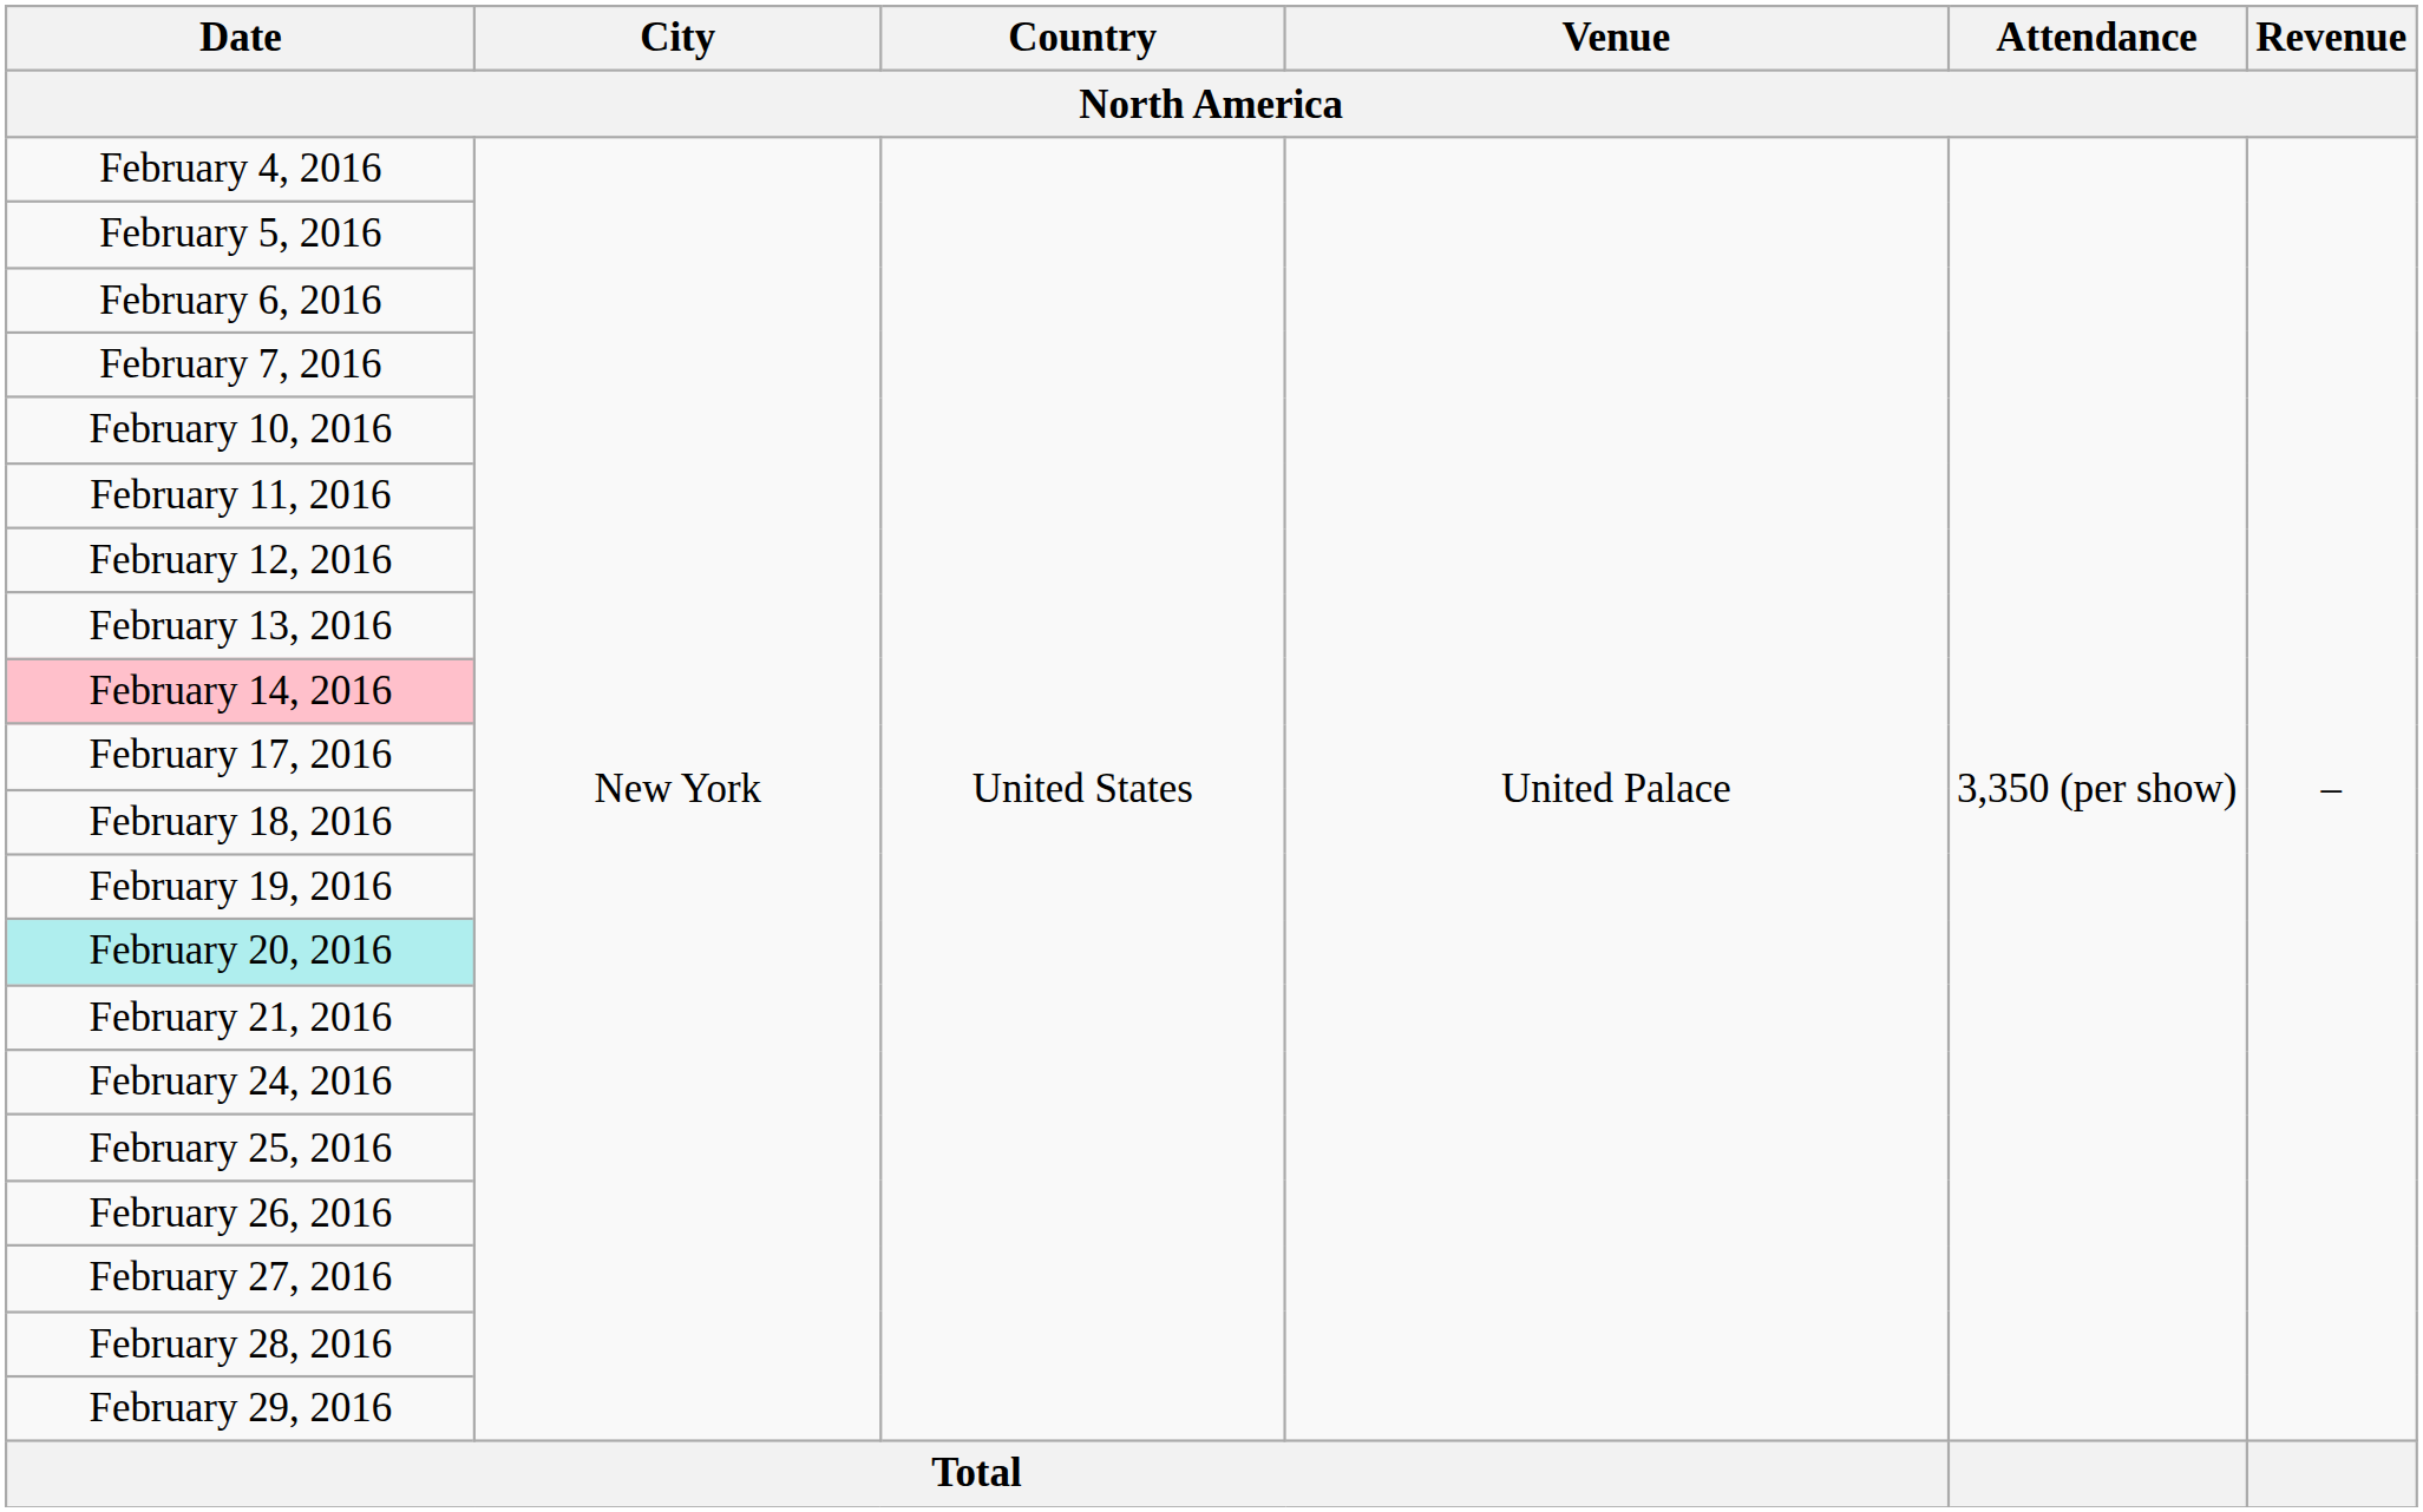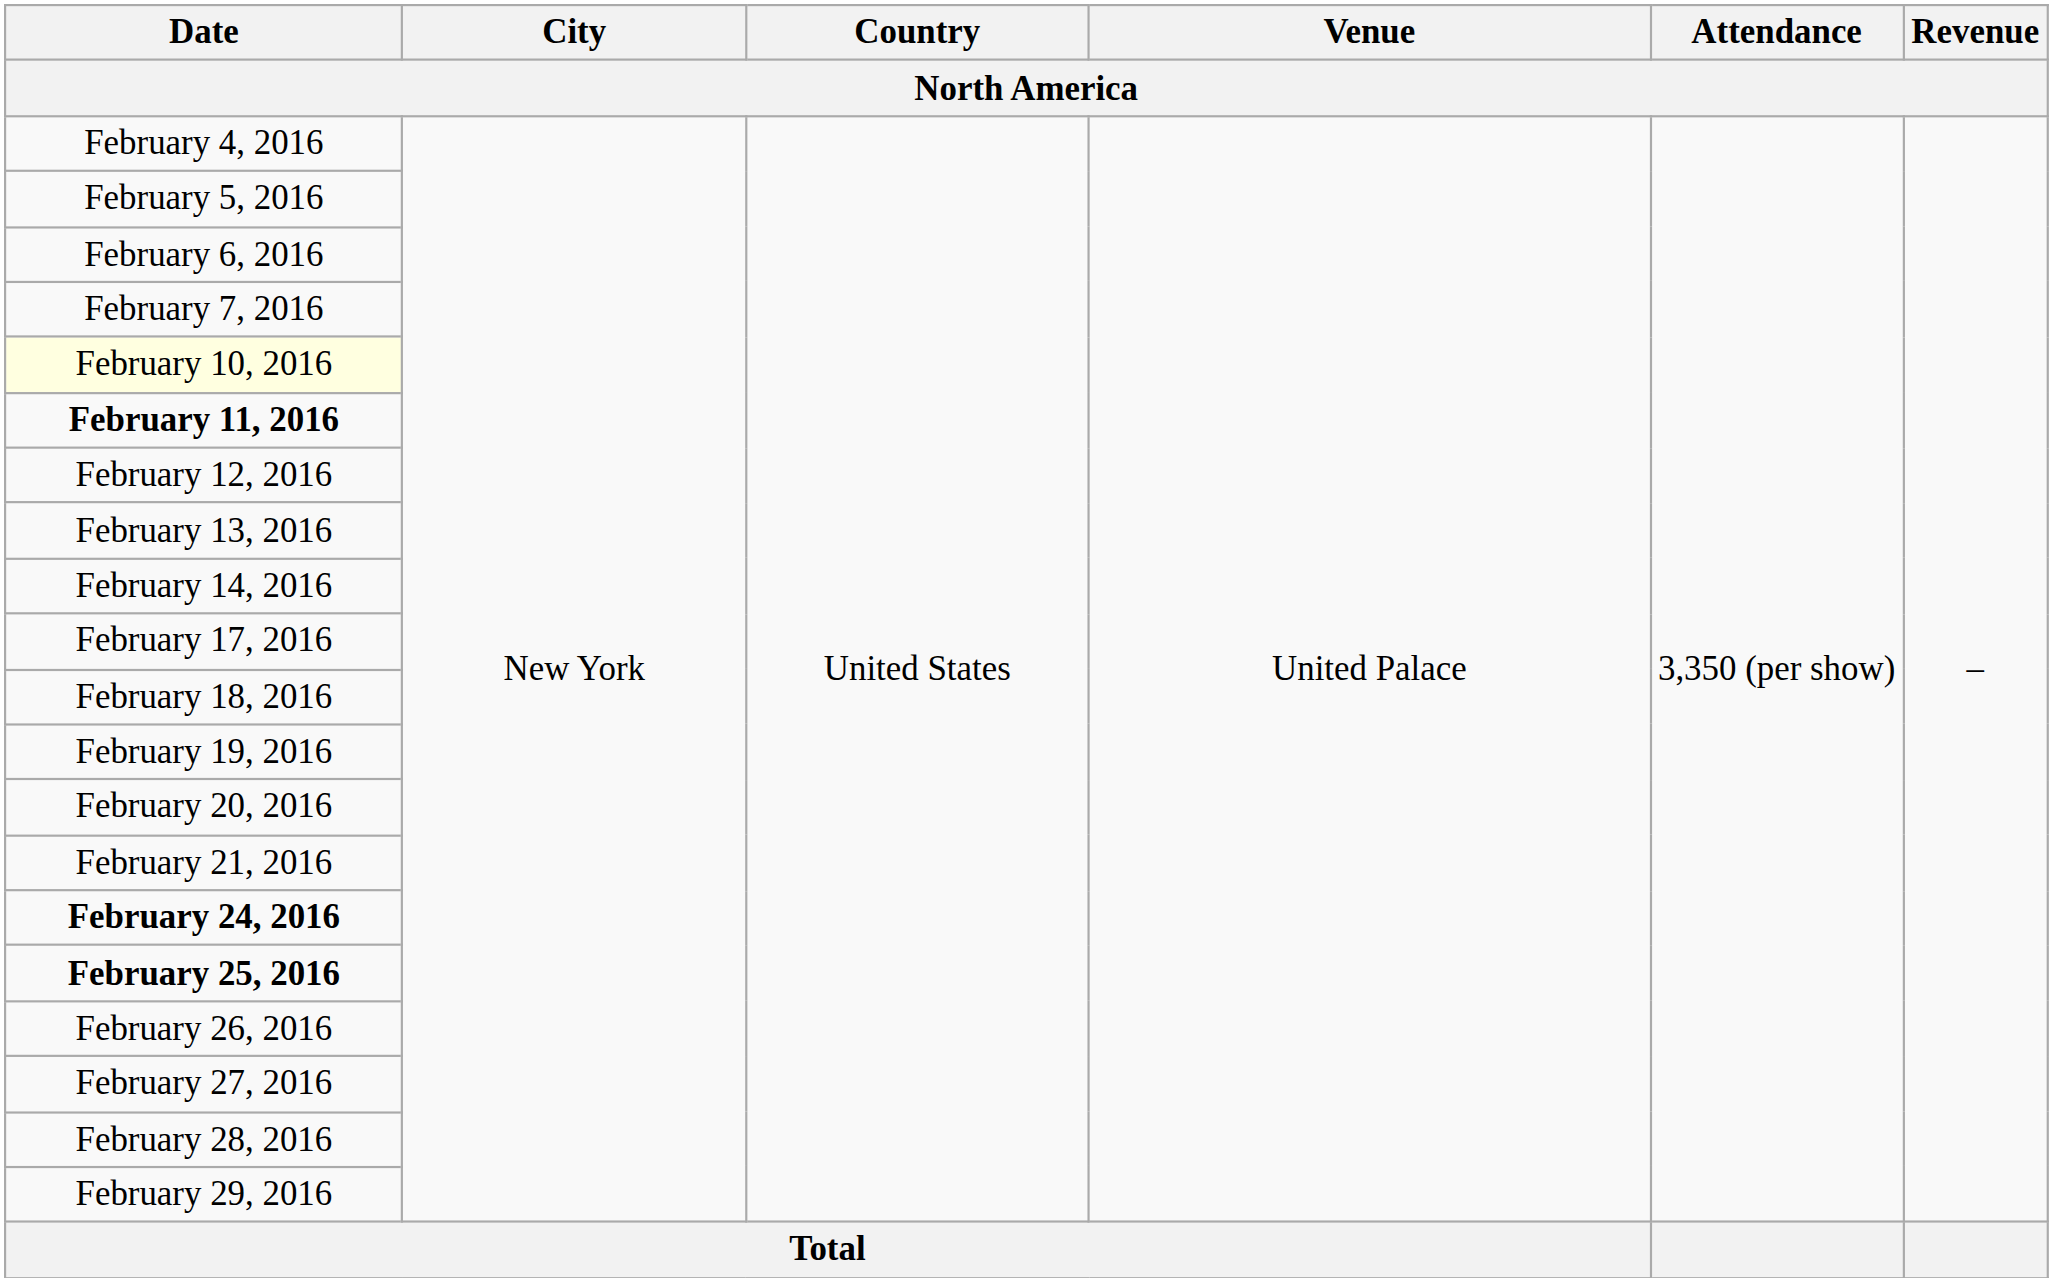 <table class="wikitable" style="text-align:center;">
 <tr>
 <th style="width:175px;">Date</th>
 <th style="width:150px;">City</th>
 <th style="width:150px;">Country</th>
 <th style="width:250px;">Venue</th>
 <th>Attendance</th>
 <th>Revenue</th>
 </tr>
 <tr>
 <th colspan="6">North America</th>
 </tr>
 <tr>
 <td>February 4, 2016</td>
 <td rowspan="20">New York</td>
 <td rowspan="20">United States</td>
 <td rowspan="20">United Palace</td>
 <td rowspan="20">3,350 (per show)</td>
 <td rowspan="20">–</td>
 </tr>
 <tr>
 <td>February 5, 2016</td>
 </tr>
 <tr>
 <td>February 6, 2016</td>
 </tr>
 <tr>
 <td>February 7, 2016</td>
 </tr>
 <tr>
-<td>February 10, 2016</td>
+<td style="background: lightyellow;">February 10, 2016</td>
 </tr>
 <tr>
-<td>February 11, 2016</td>
+<td><strong>February 11, 2016</strong></td>
 </tr>
 <tr>
 <td>February 12, 2016</td>
 </tr>
 <tr>
 <td>February 13, 2016</td>
 </tr>
 <tr>
-<td style="background: pink;">February 14, 2016</td>
+<td>February 14, 2016</td>
 </tr>
 <tr>
 <td>February 17, 2016</td>
 </tr>
 <tr>
 <td>February 18, 2016</td>
 </tr>
 <tr>
 <td>February 19, 2016</td>
 </tr>
 <tr>
-<td style="background: paleturquoise;">February 20, 2016</td>
+<td>February 20, 2016</td>
 </tr>
 <tr>
 <td>February 21, 2016</td>
 </tr>
 <tr>
-<td>February 24, 2016</td>
+<td><strong>February 24, 2016</strong></td>
 </tr>
 <tr>
-<td>February 25, 2016</td>
+<td><strong>February 25, 2016</strong></td>
 </tr>
 <tr>
 <td>February 26, 2016</td>
 </tr>
 <tr>
 <td>February 27, 2016</td>
 </tr>
 <tr>
 <td>February 28, 2016</td>
 </tr>
 <tr>
 <td>February 29, 2016</td>
 </tr>
 <tr>
 <th colspan="4">Total</th>
 <th></th>
 <th></th>
 </tr>
 </table>
